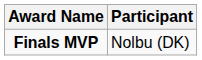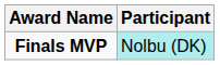 <table class="wikitable" style="text-align:center; margin-top:0px;">
 <tr>
 <th>Award Name</th>
 <th>Participant</th>
 </tr>
 <tr>
 <td><strong>Finals MVP</strong></td>
-<td style="text-align:left"> Nolbu (DK)</td>
+<td style="background: paleturquoise; text-align:left"> Nolbu (DK)</td>
 </tr>
 </table>
